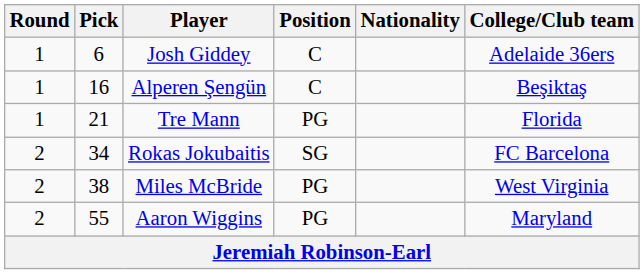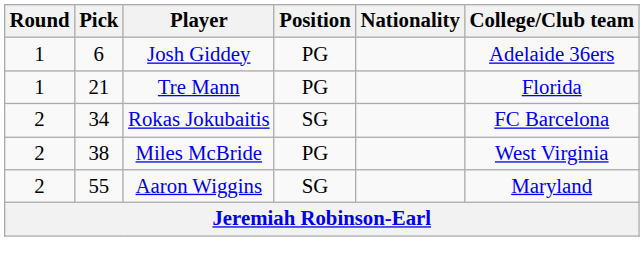 <table class="wikitable sortable sortable">
 <tr>
 <th>Round</th>
 <th>Pick</th>
 <th>Player</th>
 <th>Position</th>
 <th>Nationality</th>
 <th>College/Club team</th>
 </tr>
 <tr style="text-align: center">
 <td>1</td>
 <td>6</td>
 <td><a href='#'>Josh Giddey</a></td>
-<td>C</td>
+<td>PG</td>
 <td></td>
 <td><a href='#'>Adelaide 36ers</a></td>
-</tr>
-<tr style="text-align: center">
-<td>1</td>
-<td>16</td>
-<td><a href='#'>Alperen Şengün</a></td>
-<td>C</td>
-<td></td>
-<td><a href='#'>Beşiktaş</a></td>
 </tr>
 <tr style="text-align: center">
 <td>1</td>
 <td>21</td>
 <td><a href='#'>Tre Mann</a></td>
 <td>PG</td>
 <td></td>
 <td><a href='#'>Florida</a></td>
 </tr>
 <tr style="text-align: center">
 <td>2</td>
 <td>34</td>
 <td><a href='#'>Rokas Jokubaitis</a></td>
 <td>SG</td>
 <td></td>
 <td><a href='#'>FC Barcelona</a></td>
 </tr>
 <tr style="text-align: center">
 <td>2</td>
 <td>38</td>
 <td><a href='#'>Miles McBride</a></td>
 <td>PG</td>
 <td></td>
 <td><a href='#'>West Virginia</a></td>
 </tr>
 <tr style="text-align: center">
 <td>2</td>
 <td>55</td>
 <td><a href='#'>Aaron Wiggins</a></td>
-<td>PG</td>
+<td>SG</td>
 <td></td>
 <td><a href='#'>Maryland</a></td>
 </tr>
 <tr>
 <th scope="row" colspan="6" style="text-align:center;”"><a href='#'>Jeremiah Robinson-Earl</a> </th>
 </tr>
 </table>
